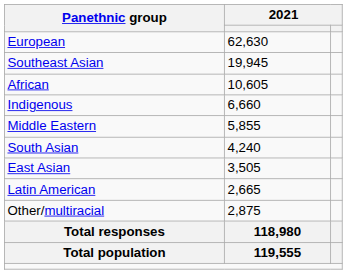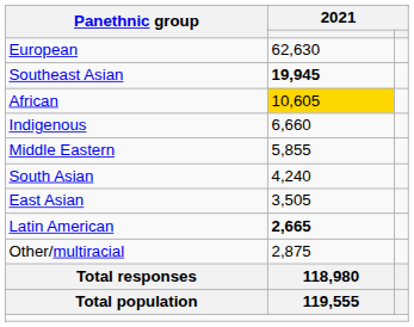 <table class="wikitable collapsible sortable">
 <tr>
 <th rowspan="2"><a href='#'>Panethnic</a> group</th>
 <th colspan="2">2021</th>
 </tr>
 <tr>
 <th><a href='#'></a></th>
 <th></th>
 </tr>
 <tr>
 <td><a href='#'>European</a></td>
 <td>62,630</td>
 <td></td>
 </tr>
 <tr>
 <td><a href='#'>Southeast Asian</a></td>
-<td>19,945</td>
+<td><strong>19,945</strong></td>
 <td></td>
 </tr>
 <tr>
 <td><a href='#'>African</a></td>
-<td>10,605</td>
+<td style="background: gold;">10,605</td>
 <td></td>
 </tr>
 <tr>
 <td><a href='#'>Indigenous</a></td>
 <td>6,660</td>
 <td></td>
 </tr>
 <tr>
 <td><a href='#'>Middle Eastern</a></td>
 <td>5,855</td>
 <td></td>
 </tr>
 <tr>
 <td><a href='#'>South Asian</a></td>
 <td>4,240</td>
 <td></td>
 </tr>
 <tr>
 <td><a href='#'>East Asian</a></td>
 <td>3,505</td>
 <td></td>
 </tr>
 <tr>
 <td><a href='#'>Latin American</a></td>
-<td>2,665</td>
+<td><strong>2,665</strong></td>
 <td></td>
 </tr>
 <tr>
 <td>Other/<a href='#'>multiracial</a></td>
 <td>2,875</td>
 <td></td>
 </tr>
 <tr>
 <th>Total responses</th>
 <th>118,980</th>
 <th></th>
 </tr>
 <tr class="sortbottom">
 <th>Total population</th>
 <th>119,555</th>
 <th></th>
 </tr>
 <tr class="sortbottom">
 <td colspan="15" style="width: 25em;"></td>
 </tr>
 </table>
